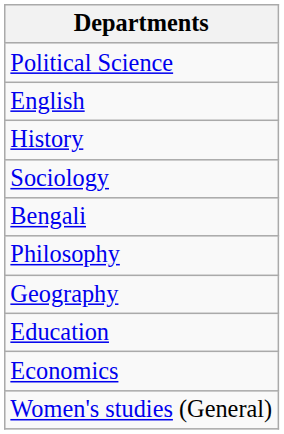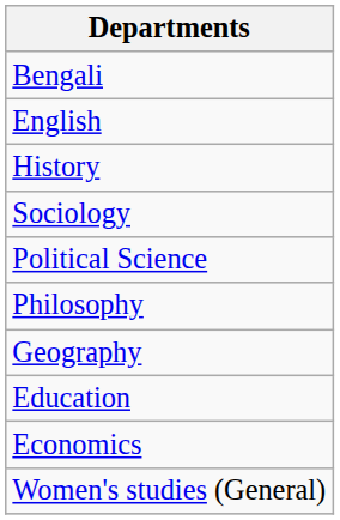 <table class="wikitable sortable">
 <tr>
 <th>Departments</th>
 </tr>
 <tr>
-<td><a href='#'>Political Science</a></td>
+<td><a href='#'>Bengali</a></td>
 </tr>
 <tr>
 <td><a href='#'>English</a></td>
 </tr>
 <tr>
 <td><a href='#'>History</a></td>
 </tr>
 <tr>
 <td><a href='#'>Sociology</a></td>
 </tr>
 <tr>
-<td><a href='#'>Bengali</a></td>
+<td><a href='#'>Political Science</a></td>
 </tr>
 <tr>
 <td><a href='#'>Philosophy</a></td>
 </tr>
 <tr>
 <td><a href='#'>Geography</a></td>
 </tr>
 <tr>
 <td><a href='#'>Education</a></td>
 </tr>
 <tr>
 <td><a href='#'>Economics</a></td>
 </tr>
 <tr>
 <td><a href='#'>Women's studies</a> (General)</td>
 </tr>
 </table>
